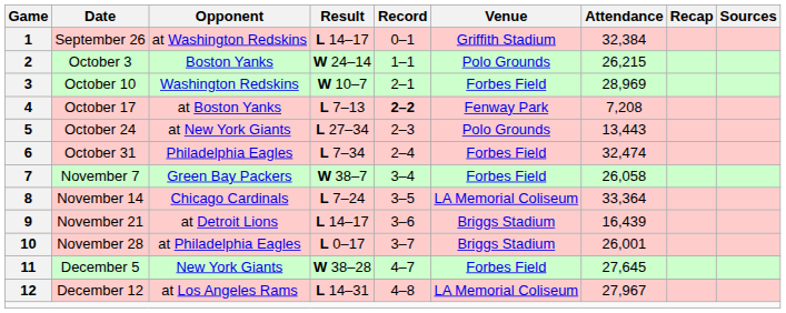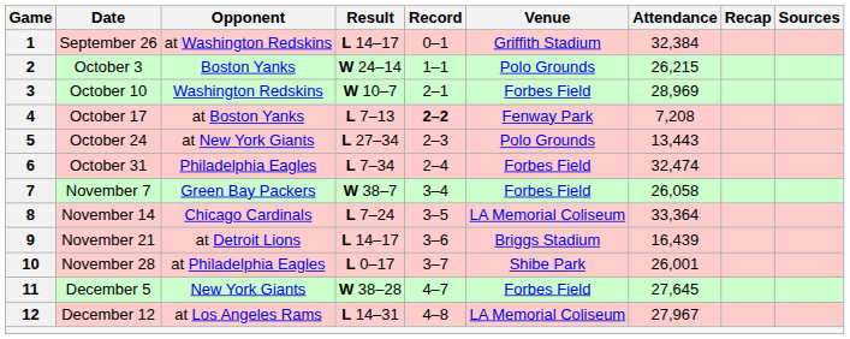 <table class="wikitable" style="text-align:center">
 <tr>
 <th>Game</th>
 <th>Date</th>
 <th>Opponent</th>
 <th>Result</th>
 <th>Record</th>
 <th>Venue</th>
 <th>Attendance</th>
 <th>Recap</th>
 <th>Sources</th>
 </tr>
 <tr style="background:#fcc">
 <th>1</th>
 <td>September 26</td>
 <td>at <a href='#'>Washington Redskins</a></td>
 <td><strong>L</strong> 14–17</td>
 <td>0–1</td>
 <td><a href='#'>Griffith Stadium</a></td>
 <td>32,384</td>
 <td></td>
 <td></td>
 </tr>
 <tr style="background:#cfc">
 <th>2</th>
 <td>October 3</td>
 <td><a href='#'>Boston Yanks</a></td>
 <td><strong>W</strong> 24–14</td>
 <td>1–1</td>
 <td><a href='#'>Polo Grounds</a></td>
 <td>26,215</td>
 <td></td>
 <td></td>
 </tr>
 <tr style="background:#cfc">
 <th>3</th>
 <td>October 10</td>
 <td><a href='#'>Washington Redskins</a></td>
 <td><strong>W</strong> 10–7</td>
 <td>2–1</td>
 <td><a href='#'>Forbes Field</a></td>
 <td>28,969</td>
 <td></td>
 <td></td>
 </tr>
 <tr style="background:#fcc">
 <th>4</th>
 <td>October 17</td>
 <td>at <a href='#'>Boston Yanks</a></td>
 <td><strong>L</strong> 7–13</td>
 <td><strong>2–2</strong></td>
 <td><a href='#'>Fenway Park</a></td>
 <td>7,208</td>
 <td></td>
 <td></td>
 </tr>
 <tr style="background:#fcc">
 <th>5</th>
 <td>October 24</td>
 <td>at <a href='#'>New York Giants</a></td>
 <td><strong>L</strong> 27–34</td>
 <td>2–3</td>
 <td><a href='#'>Polo Grounds</a></td>
 <td>13,443</td>
 <td></td>
 <td></td>
 </tr>
 <tr style="background:#fcc">
 <th>6</th>
 <td>October 31</td>
 <td><a href='#'>Philadelphia Eagles</a></td>
 <td><strong>L</strong> 7–34</td>
 <td>2–4</td>
 <td><a href='#'>Forbes Field</a></td>
 <td>32,474</td>
 <td></td>
 <td></td>
 </tr>
 <tr style="background:#cfc">
 <th>7</th>
 <td>November 7</td>
 <td><a href='#'>Green Bay Packers</a></td>
 <td><strong>W</strong> 38–7</td>
 <td>3–4</td>
 <td><a href='#'>Forbes Field</a></td>
 <td>26,058</td>
 <td></td>
 <td></td>
 </tr>
 <tr style="background:#fcc">
 <th>8</th>
 <td>November 14</td>
 <td><a href='#'>Chicago Cardinals</a></td>
 <td><strong>L</strong> 7–24</td>
 <td>3–5</td>
 <td><a href='#'>LA Memorial Coliseum</a></td>
 <td>33,364</td>
 <td></td>
 <td></td>
 </tr>
 <tr style="background:#fcc">
 <th>9</th>
 <td>November 21</td>
 <td>at <a href='#'>Detroit Lions</a></td>
 <td><strong>L</strong> 14–17</td>
 <td>3–6</td>
 <td><a href='#'>Briggs Stadium</a></td>
 <td>16,439</td>
 <td></td>
 <td></td>
 </tr>
 <tr style="background:#fcc">
 <th>10</th>
 <td>November 28</td>
 <td>at <a href='#'>Philadelphia Eagles</a></td>
 <td><strong>L</strong> 0–17</td>
 <td>3–7</td>
-<td><a href='#'>Briggs Stadium</a></td>
+<td><a href='#'>Shibe Park</a></td>
 <td>26,001</td>
 <td></td>
 <td></td>
 </tr>
 <tr style="background:#cfc">
 <th>11</th>
 <td>December 5</td>
 <td><a href='#'>New York Giants</a></td>
 <td><strong>W</strong> 38–28</td>
 <td>4–7</td>
 <td><a href='#'>Forbes Field</a></td>
 <td>27,645</td>
 <td></td>
 <td></td>
 </tr>
 <tr style="background:#fcc">
 <th>12</th>
 <td>December 12</td>
 <td>at <a href='#'>Los Angeles Rams</a></td>
 <td><strong>L</strong> 14–31</td>
 <td>4–8</td>
 <td><a href='#'>LA Memorial Coliseum</a></td>
 <td>27,967</td>
 <td></td>
 <td></td>
 </tr>
 <tr>
 <td colspan="10"></td>
 </tr>
 </table>
